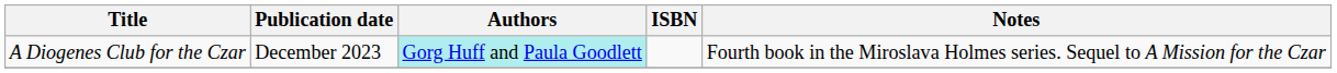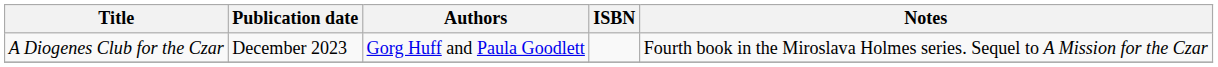 <table class="sortable wikitable">
 <tr>
 <th>Title</th>
 <th>Publication date</th>
 <th>Authors</th>
 <th>ISBN</th>
 <th>Notes</th>
 </tr>
 <tr>
 <td><em>A Diogenes Club for the Czar</em></td>
 <td>December 2023</td>
-<td style="background: paleturquoise;"><a href='#'>Gorg Huff</a> and <a href='#'>Paula Goodlett</a></td>
+<td><a href='#'>Gorg Huff</a> and <a href='#'>Paula Goodlett</a></td>
 <td></td>
 <td>Fourth book in the Miroslava Holmes series. Sequel to <em>A Mission for the Czar</em><br></td>
 </tr>
 <tr>
 </tr>
 </table>
